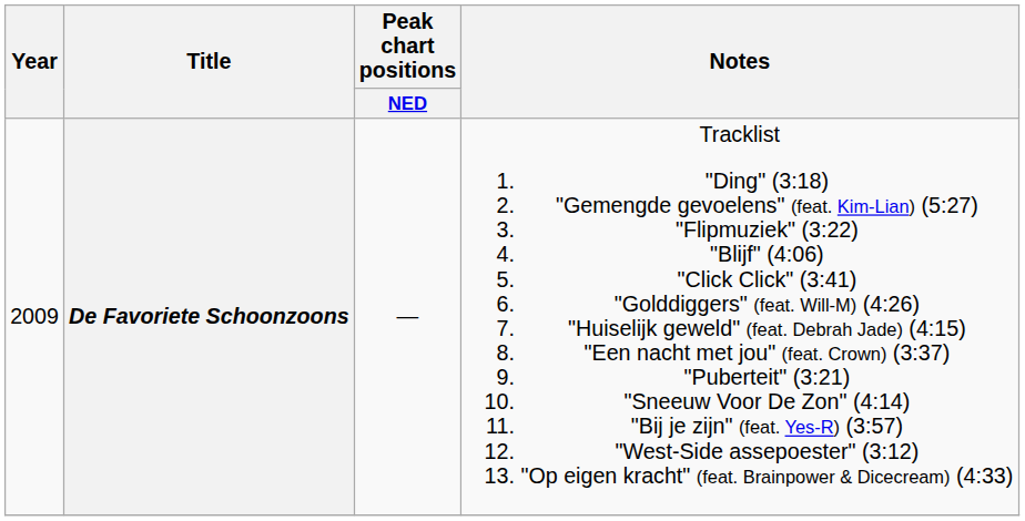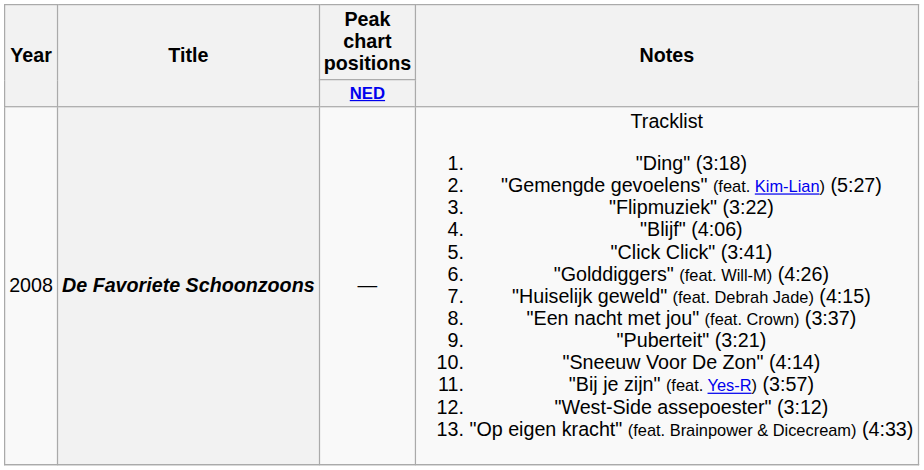 <table class="wikitable plainrowheaders" style="text-align:center;">
 <tr>
 <th scope="col" rowspan="2">Year</th>
 <th scope="col" rowspan="2">Title</th>
 <th scope="col" colspan="1">Peak chart positions</th>
 <th scope="col" rowspan="2">Notes</th>
 </tr>
 <tr>
 <th scope="col" style="width:3em;font-size:85%;"><a href='#'>NED</a><br></th>
 </tr>
 <tr>
-<td rowspan=1>2009</td>
+<td rowspan=1>2008</td>
 <th scope="row"><em>De Favoriete Schoonzoons</em></th>
 <td>—</td>
 <td>Tracklist<br><ol><li>"Ding" (3:18)</li><li>"Gemengde gevoelens" <small>(feat. <a href='#'>Kim-Lian</a>)</small> (5:27)</li><li>"Flipmuziek" (3:22)</li><li>"Blijf" (4:06)</li><li>"Click Click" (3:41)</li><li>"Golddiggers" <small>(feat. Will-M)</small> (4:26)</li><li>"Huiselijk geweld" <small>(feat. Debrah Jade)</small> (4:15)</li><li>"Een nacht met jou" <small>(feat. Crown)</small> (3:37)</li><li>"Puberteit" (3:21)</li><li>"Sneeuw Voor De Zon" (4:14)</li><li>"Bij je zijn" <small>(feat. <a href='#'>Yes-R</a>)</small> (3:57)</li><li>"West-Side assepoester" (3:12)</li><li>"Op eigen kracht" <small>(feat. Brainpower & Dicecream)</small> (4:33)</li></ol></td>
 </tr>
 <tr>
 </tr>
 </table>
